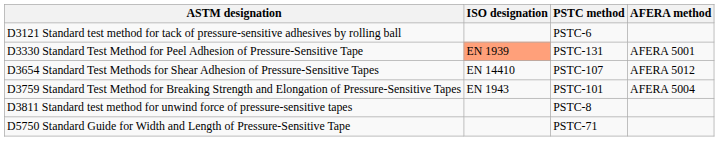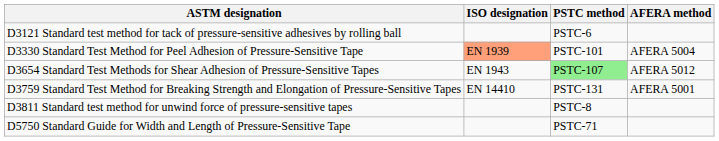 <table class="wikitable">
 <tr>
 <th>ASTM designation</th>
 <th>ISO designation</th>
 <th>PSTC method</th>
 <th>AFERA method</th>
 </tr>
 <tr>
 <td>D3121 Standard test method for tack of pressure-sensitive adhesives by rolling ball</td>
 <td></td>
 <td>PSTC-6</td>
 <td></td>
 </tr>
 <tr>
 <td>D3330 Standard Test Method for Peel Adhesion of Pressure-Sensitive Tape</td>
 <td style="background: lightsalmon;">EN 1939</td>
-<td>PSTC-131</td>
-<td>AFERA 5001</td>
+<td>PSTC-101</td>
+<td>AFERA 5004</td>
 </tr>
 <tr>
 <td>D3654 Standard Test Methods for Shear Adhesion of Pressure-Sensitive Tapes</td>
-<td>EN 14410</td>
-<td>PSTC-107</td>
+<td>EN 1943</td>
+<td style="background: lightgreen;">PSTC-107</td>
 <td>AFERA 5012</td>
 </tr>
 <tr>
 <td>D3759 Standard Test Method for Breaking Strength and Elongation of Pressure-Sensitive Tapes</td>
-<td>EN 1943</td>
-<td>PSTC-101</td>
-<td>AFERA 5004</td>
+<td>EN 14410</td>
+<td>PSTC-131</td>
+<td>AFERA 5001</td>
 </tr>
 <tr>
 <td>D3811 Standard test method for unwind force of pressure-sensitive tapes</td>
 <td></td>
 <td>PSTC-8</td>
 <td></td>
 </tr>
 <tr>
 <td>D5750 Standard Guide for Width and Length of Pressure-Sensitive Tape</td>
 <td></td>
 <td>PSTC-71</td>
 <td></td>
 </tr>
 </table>
